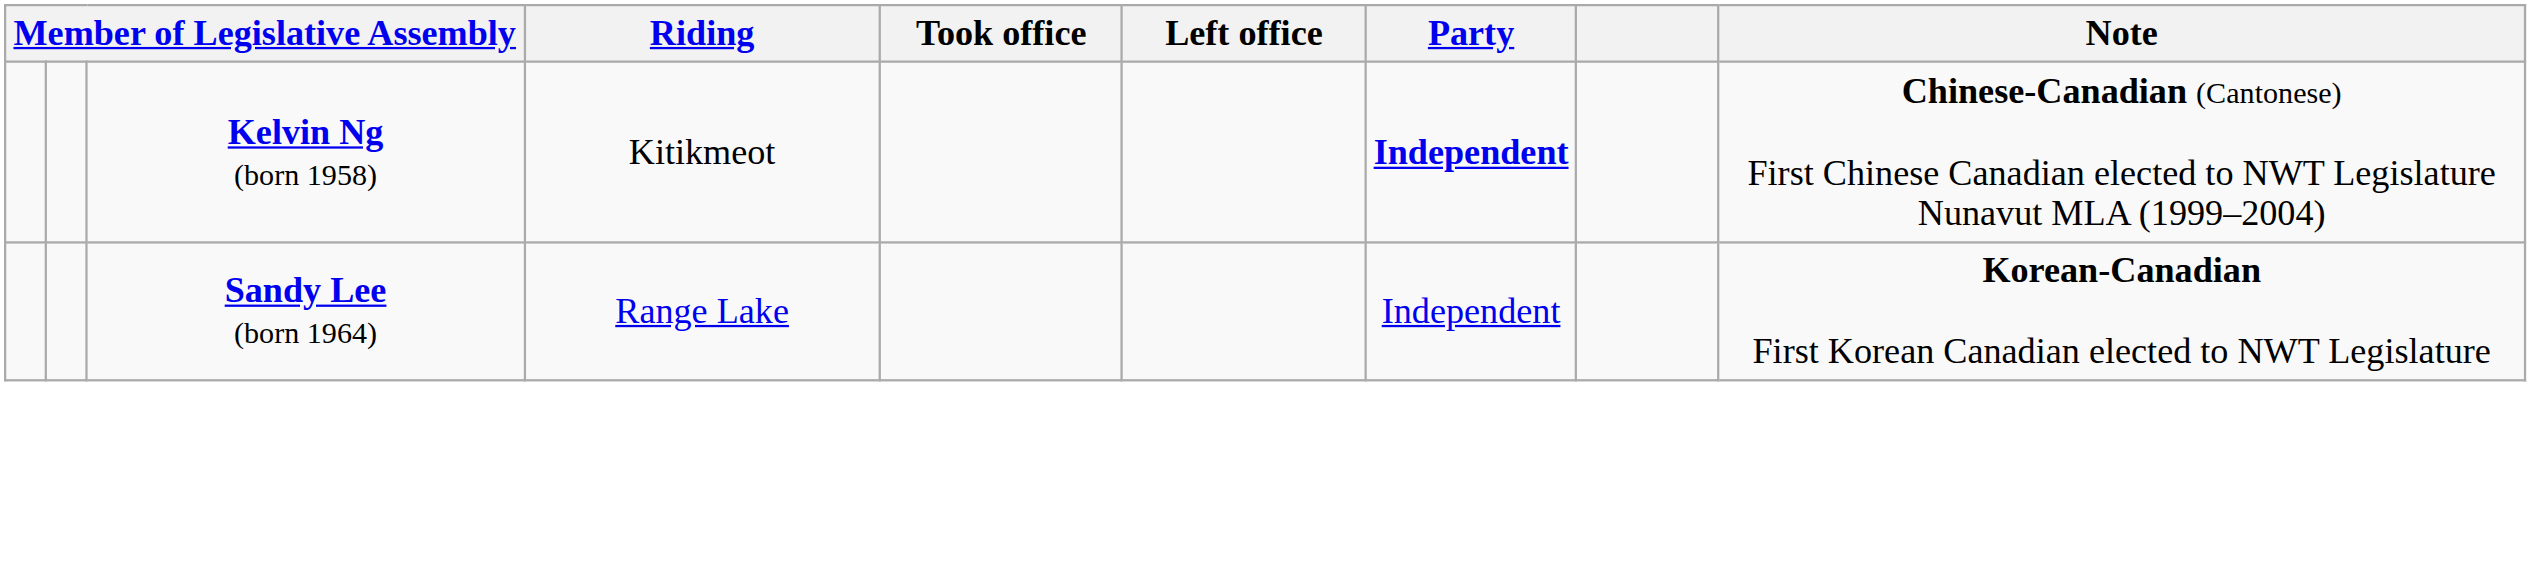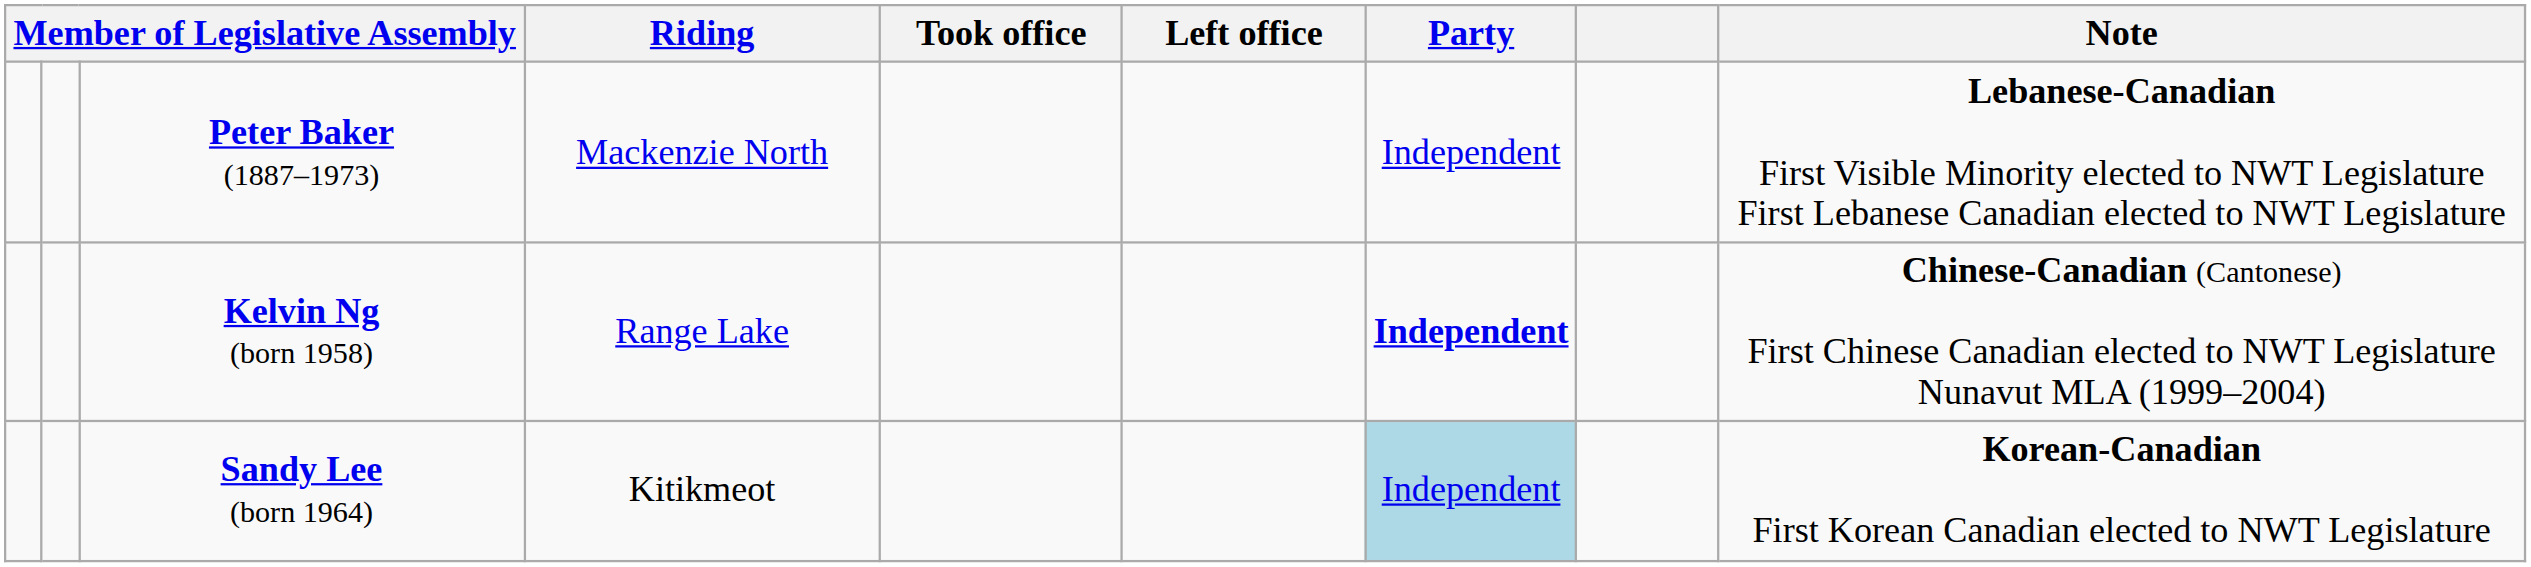 <table class="wikitable sortable plainrowheaders" style="text-align: center;">
 <tr>
 <th colspan="3" class=unsortable><a href='#'>Member of Legislative Assembly</a></th>
 <th scope="col" width=150px><a href='#'>Riding</a></th>
 <th scope="col" width=100px>Took office</th>
 <th scope="col" width=100px>Left office</th>
 <th scope="col" width=70px><a href='#'>Party</a></th>
 <th scope="col" class=unsortable width=55px></th>
 <th scope="col" class=unsortable width=350px>Note</th>
 </tr>
 <tr>
 <td rowspan="1" style="background:"></td>
 <td rowspan="1"></td>
+<td rowspan="1"><strong><a href='#'>Peter Baker</a></strong><br><small>(1887–1973)</small></td>
+<td rowspan="1"><a href='#'>Mackenzie North</a></td>
+<td rowspan="1"></td>
+<td rowspan="1"></td>
+<td rowspan="1"><a href='#'>Independent</a></td>
+<td rowspan="1"></td>
+<td rowspan="1"><strong>Lebanese-Canadian</strong><br><br>First Visible Minority elected to NWT Legislature <br> First Lebanese Canadian elected to NWT Legislature</td>
+</tr>
+<tr>
+<td rowspan="1" style="background:"></td>
+<td rowspan="1"></td>
 <td rowspan="1"><strong><a href='#'>Kelvin Ng</a></strong><br><small>(born 1958)</small></td>
-<td rowspan="1">Kitikmeot</td>
+<td rowspan="1"><a href='#'>Range Lake</a></td>
 <td rowspan="1"></td>
 <td rowspan="1"></td>
 <td rowspan="1"><strong><a href='#'>Independent</a></strong></td>
 <td rowspan="1"></td>
 <td rowspan="1"><strong>Chinese-Canadian</strong> <small>(Cantonese)</small><br><br>First Chinese Canadian elected to NWT Legislature<br>Nunavut MLA (1999–2004)</td>
 </tr>
 <tr>
 <td rowspan="1" style="background:"></td>
 <td rowspan="1"></td>
 <td rowspan="1"><strong><a href='#'>Sandy Lee</a></strong><br><small>(born 1964)</small></td>
-<td rowspan="1"><a href='#'>Range Lake</a></td>
+<td rowspan="1">Kitikmeot</td>
 <td rowspan="1"></td>
 <td rowspan="1"></td>
-<td rowspan="1"><a href='#'>Independent</a></td>
+<td rowspan="1" style="background: lightblue;"><a href='#'>Independent</a></td>
 <td rowspan="1"></td>
 <td rowspan="1"><strong>Korean-Canadian</strong><br><br>First Korean Canadian elected to NWT Legislature</td>
 </tr>
 </table>
